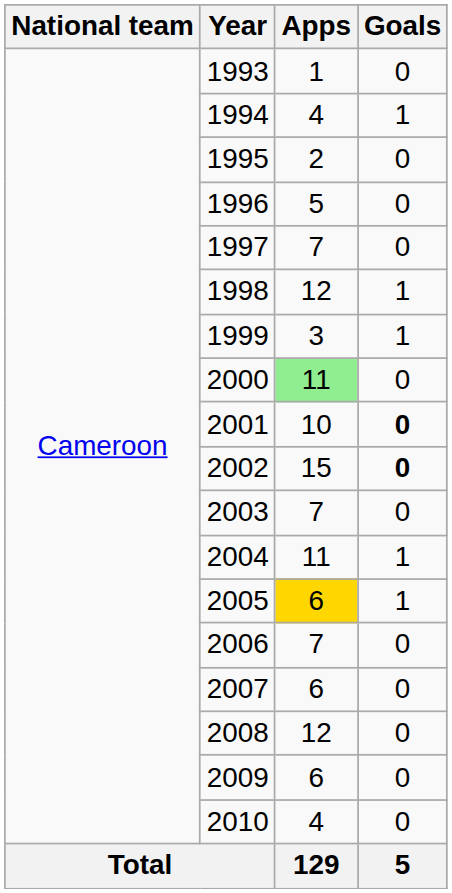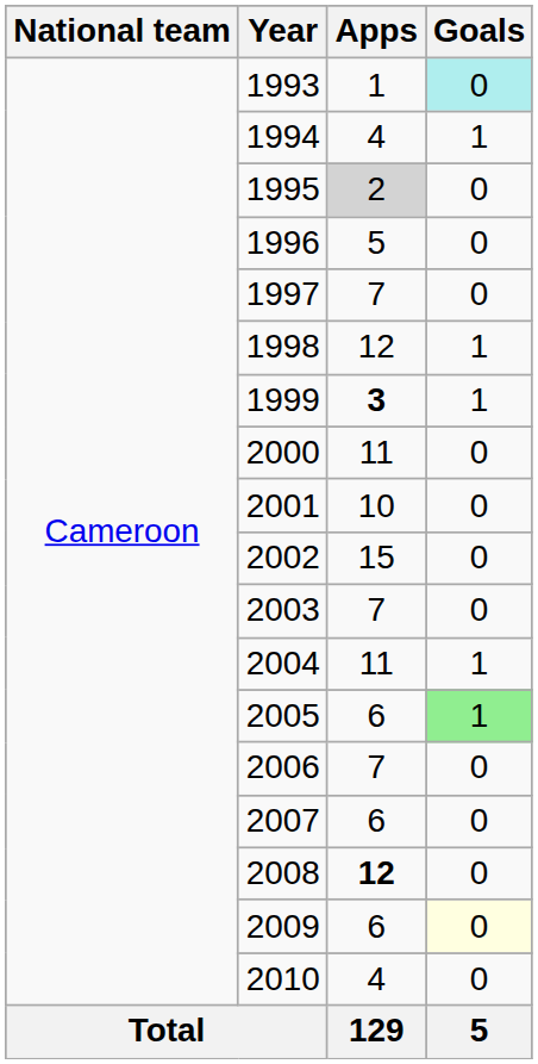 <table class="wikitable" style="text-align:center">
 <tr>
 <th>National team</th>
 <th>Year</th>
 <th>Apps</th>
 <th>Goals</th>
 </tr>
 <tr>
 <td rowspan="18"><a href='#'>Cameroon</a></td>
 <td>1993</td>
 <td>1</td>
-<td>0</td>
+<td style="background: paleturquoise;">0</td>
 </tr>
 <tr>
 <td>1994</td>
 <td>4</td>
 <td>1</td>
 </tr>
 <tr>
 <td>1995</td>
-<td>2</td>
+<td style="background: lightgrey;">2</td>
 <td>0</td>
 </tr>
 <tr>
 <td>1996</td>
 <td>5</td>
 <td>0</td>
 </tr>
 <tr>
 <td>1997</td>
 <td>7</td>
 <td>0</td>
 </tr>
 <tr>
 <td>1998</td>
 <td>12</td>
 <td>1</td>
 </tr>
 <tr>
 <td>1999</td>
-<td>3</td>
+<td><strong>3</strong></td>
 <td>1</td>
 </tr>
 <tr>
 <td>2000</td>
-<td style="background: lightgreen;">11</td>
+<td>11</td>
 <td>0</td>
 </tr>
 <tr>
 <td>2001</td>
 <td>10</td>
-<td><strong>0</strong></td>
+<td>0</td>
 </tr>
 <tr>
 <td>2002</td>
 <td>15</td>
-<td><strong>0</strong></td>
+<td>0</td>
 </tr>
 <tr>
 <td>2003</td>
 <td>7</td>
 <td>0</td>
 </tr>
 <tr>
 <td>2004</td>
 <td>11</td>
 <td>1</td>
 </tr>
 <tr>
 <td>2005</td>
-<td style="background: gold;">6</td>
-<td>1</td>
+<td>6</td>
+<td style="background: lightgreen;">1</td>
 </tr>
 <tr>
 <td>2006</td>
 <td>7</td>
 <td>0</td>
 </tr>
 <tr>
 <td>2007</td>
 <td>6</td>
 <td>0</td>
 </tr>
 <tr>
 <td>2008</td>
-<td>12</td>
+<td><strong>12</strong></td>
 <td>0</td>
 </tr>
 <tr>
 <td>2009</td>
 <td>6</td>
-<td>0</td>
+<td style="background: lightyellow;">0</td>
 </tr>
 <tr>
 <td>2010</td>
 <td>4</td>
 <td>0</td>
 </tr>
 <tr>
 <th colspan="2">Total</th>
 <th>129</th>
 <th>5</th>
 </tr>
 </table>
